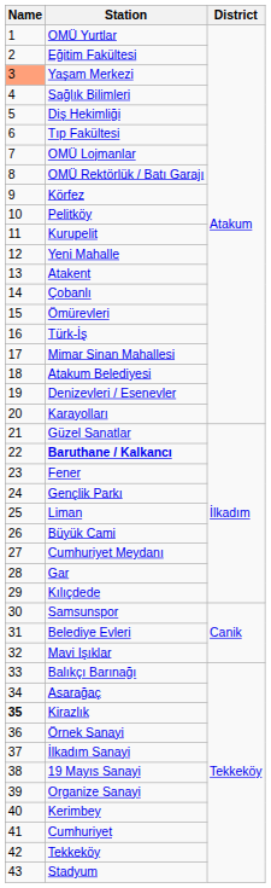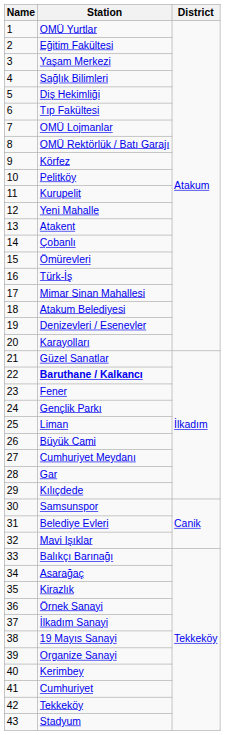 <table class="wikitable">
 <tr>
 <th>Name</th>
 <th>Station</th>
 <th>District</th>
 </tr>
 <tr>
 <td>1</td>
 <td><a href='#'>OMÜ Yurtlar</a></td>
 <td rowspan="20"><a href='#'>Atakum</a></td>
 </tr>
 <tr>
 <td>2</td>
 <td><a href='#'>Eğitim Fakültesi</a></td>
 </tr>
 <tr>
-<td style="background: lightsalmon;">3</td>
+<td>3</td>
 <td><a href='#'>Yaşam Merkezi</a></td>
 </tr>
 <tr>
 <td>4</td>
 <td><a href='#'>Sağlık Bilimleri</a></td>
 </tr>
 <tr>
 <td>5</td>
 <td><a href='#'>Diş Hekimliği</a></td>
 </tr>
 <tr>
 <td>6</td>
 <td><a href='#'>Tıp Fakültesi</a></td>
 </tr>
 <tr>
 <td>7</td>
 <td><a href='#'>OMÜ Lojmanlar</a></td>
 </tr>
 <tr>
 <td>8</td>
 <td><a href='#'>OMÜ Rektörlük / Batı Garajı</a></td>
 </tr>
 <tr>
 <td>9</td>
 <td><a href='#'>Körfez</a></td>
 </tr>
 <tr>
 <td>10</td>
 <td><a href='#'>Pelitköy</a></td>
 </tr>
 <tr>
 <td>11</td>
 <td><a href='#'>Kurupelit</a></td>
 </tr>
 <tr>
 <td>12</td>
 <td><a href='#'>Yeni Mahalle</a></td>
 </tr>
 <tr>
 <td>13</td>
 <td><a href='#'>Atakent</a></td>
 </tr>
 <tr>
 <td>14</td>
 <td><a href='#'>Çobanlı</a></td>
 </tr>
 <tr>
 <td>15</td>
 <td><a href='#'>Ömürevleri</a></td>
 </tr>
 <tr>
 <td>16</td>
 <td><a href='#'>Türk-İş</a></td>
 </tr>
 <tr>
 <td>17</td>
 <td><a href='#'>Mimar Sinan Mahallesi</a></td>
 </tr>
 <tr>
 <td>18</td>
 <td><a href='#'>Atakum Belediyesi</a></td>
 </tr>
 <tr>
 <td>19</td>
 <td><a href='#'>Denizevleri / Esenevler</a></td>
 </tr>
 <tr>
 <td>20</td>
 <td><a href='#'>Karayolları</a></td>
 </tr>
 <tr>
 <td>21</td>
 <td><a href='#'>Güzel Sanatlar</a></td>
 <td rowspan="9"><a href='#'>İlkadım</a></td>
 </tr>
 <tr>
 <td>22</td>
 <td><a href='#'><strong>Baruthane / Kalkancı</strong></a></td>
 </tr>
 <tr>
 <td>23</td>
 <td><a href='#'>Fener</a></td>
 </tr>
 <tr>
 <td>24</td>
 <td><a href='#'>Gençlik Parkı</a></td>
 </tr>
 <tr>
 <td>25</td>
 <td><a href='#'>Liman</a></td>
 </tr>
 <tr>
 <td>26</td>
 <td><a href='#'>Büyük Cami</a></td>
 </tr>
 <tr>
 <td>27</td>
 <td><a href='#'>Cumhuriyet Meydanı</a></td>
 </tr>
 <tr>
 <td>28</td>
 <td><a href='#'>Gar</a></td>
 </tr>
 <tr>
 <td>29</td>
 <td><a href='#'>Kılıçdede</a></td>
 </tr>
 <tr>
 <td>30</td>
 <td><a href='#'>Samsunspor</a></td>
 <td rowspan="3"><a href='#'>Canik</a></td>
 </tr>
 <tr>
 <td>31</td>
 <td><a href='#'>Belediye Evleri</a></td>
 </tr>
 <tr>
 <td>32</td>
 <td><a href='#'>Mavi Işıklar</a></td>
 </tr>
 <tr>
 <td>33</td>
 <td><a href='#'>Balıkçı Barınağı</a></td>
 <td rowspan="11"><a href='#'>Tekkeköy</a></td>
 </tr>
 <tr>
 <td>34</td>
 <td><a href='#'>Asarağaç</a></td>
 </tr>
 <tr>
-<td><strong>35</strong></td>
+<td>35</td>
 <td><a href='#'>Kirazlık</a></td>
 </tr>
 <tr>
 <td>36</td>
 <td><a href='#'>Örnek Sanayi</a></td>
 </tr>
 <tr>
 <td>37</td>
 <td><a href='#'>İlkadım Sanayi</a></td>
 </tr>
 <tr>
 <td>38</td>
 <td><a href='#'>19 Mayıs Sanayi</a></td>
 </tr>
 <tr>
 <td>39</td>
 <td><a href='#'>Organize Sanayi</a></td>
 </tr>
 <tr>
 <td>40</td>
 <td><a href='#'>Kerimbey</a></td>
 </tr>
 <tr>
 <td>41</td>
 <td><a href='#'>Cumhuriyet</a></td>
 </tr>
 <tr>
 <td>42</td>
 <td><a href='#'>Tekkeköy</a></td>
 </tr>
 <tr>
 <td>43</td>
 <td><a href='#'>Stadyum</a></td>
 </tr>
 </table>
